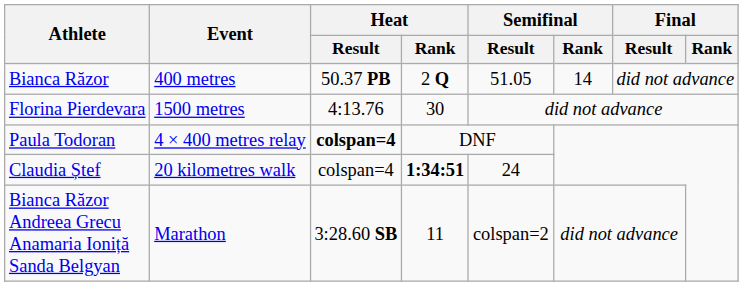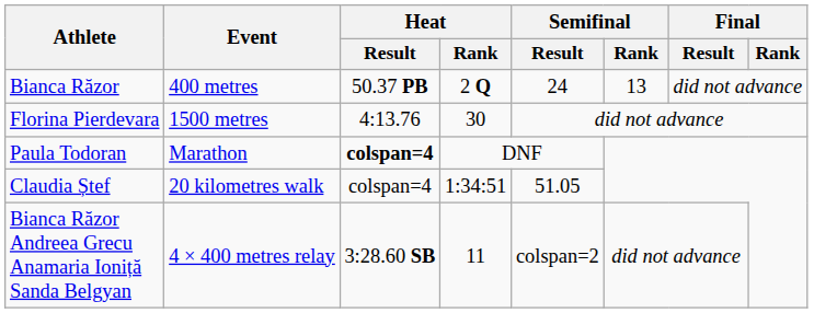 <table class="wikitable" style="font-size:90%">
 <tr>
 <th rowspan="2">Athlete</th>
 <th rowspan="2">Event</th>
 <th colspan="2">Heat</th>
 <th colspan="2">Semifinal</th>
 <th colspan="2">Final</th>
 </tr>
 <tr style="font-size:95%">
 <th>Result</th>
 <th>Rank</th>
 <th>Result</th>
 <th>Rank</th>
 <th>Result</th>
 <th>Rank</th>
 </tr>
 <tr style=text-align:center>
 <td style=text-align:left><a href='#'>Bianca Răzor</a></td>
 <td style=text-align:left><a href='#'>400 metres</a></td>
 <td>50.37 <strong>PB</strong></td>
 <td>2 <strong>Q</strong></td>
-<td>51.05</td>
-<td>14</td>
+<td>24</td>
+<td>13</td>
 <td colspan="2"><em>did not advance</em></td>
 </tr>
 <tr style=text-align:center>
 <td style=text-align:left><a href='#'>Florina Pierdevara</a></td>
 <td style=text-align:left><a href='#'>1500 metres</a></td>
 <td>4:13.76</td>
 <td>30</td>
 <td colspan="4"><em>did not advance</em></td>
 </tr>
 <tr style=text-align:center>
 <td style=text-align:left><a href='#'>Paula Todoran</a></td>
-<td style=text-align:left><a href='#'>4 × 400 metres relay</a></td>
+<td style=text-align:left><a href='#'>Marathon</a></td>
 <td><strong>colspan=4 </strong></td>
 <td colspan="2">DNF</td>
 </tr>
 <tr style=text-align:center>
 <td style=text-align:left><a href='#'>Claudia Ștef</a></td>
 <td style=text-align:left><a href='#'>20 kilometres walk</a></td>
 <td>colspan=4 </td>
-<td><strong>1:34:51</strong></td>
-<td>24</td>
+<td>1:34:51</td>
+<td>51.05</td>
 </tr>
 <tr style=text-align:center>
 <td style=text-align:left><a href='#'>Bianca Răzor</a><br><a href='#'>Andreea Grecu</a><br><a href='#'>Anamaria Ioniță</a><br><a href='#'>Sanda Belgyan</a></td>
-<td style=text-align:left><a href='#'>Marathon</a></td>
+<td style=text-align:left><a href='#'>4 × 400 metres relay</a></td>
 <td>3:28.60 <strong>SB</strong></td>
 <td>11</td>
 <td>colspan=2 </td>
 <td colspan="2"><em>did not advance</em></td>
 </tr>
 </table>
